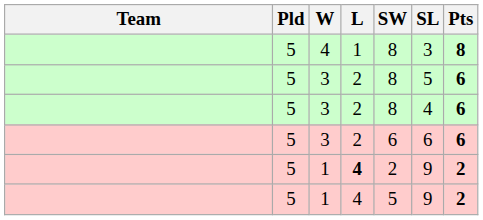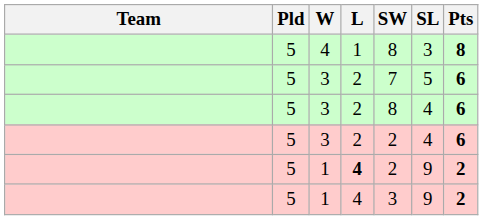 <table class=wikitable style="text-align:center">
 <tr>
 <th width=220>Team</th>
 <th width=20>Pld</th>
 <th width=20>W</th>
 <th width=20>L</th>
 <th width=20>SW</th>
 <th width=20>SL</th>
 <th width=20>Pts</th>
 </tr>
 <tr bgcolor=ccffcc>
 <td align=left></td>
 <td>5</td>
 <td>4</td>
 <td>1</td>
 <td>8</td>
 <td>3</td>
 <td><strong>8</strong></td>
 </tr>
 <tr bgcolor=ccffcc>
 <td align=left></td>
 <td>5</td>
 <td>3</td>
 <td>2</td>
-<td>8</td>
+<td>7</td>
 <td>5</td>
 <td><strong>6</strong></td>
 </tr>
 <tr bgcolor=ccffcc>
 <td align=left></td>
 <td>5</td>
 <td>3</td>
 <td>2</td>
 <td>8</td>
 <td>4</td>
 <td><strong>6</strong></td>
 </tr>
 <tr bgcolor=ffcccc>
 <td align=left></td>
 <td>5</td>
 <td>3</td>
 <td>2</td>
-<td>6</td>
-<td>6</td>
+<td>2</td>
+<td>4</td>
 <td><strong>6</strong></td>
 </tr>
 <tr bgcolor=ffcccc>
 <td align=left></td>
 <td>5</td>
 <td>1</td>
 <td><strong>4</strong></td>
 <td>2</td>
 <td>9</td>
 <td><strong>2</strong></td>
 </tr>
 <tr bgcolor=ffcccc>
 <td align=left></td>
 <td>5</td>
 <td>1</td>
 <td>4</td>
-<td>5</td>
+<td>3</td>
 <td>9</td>
 <td><strong>2</strong></td>
 </tr>
 </table>
